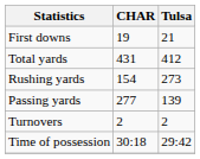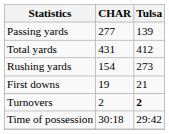 <table class="wikitable" style="float: left;">
 <tr>
 <th>Statistics</th>
 <th>CHAR</th>
 <th>Tulsa</th>
 </tr>
 <tr>
-<td>First downs</td>
-<td>19</td>
-<td>21</td>
+<td>Passing yards</td>
+<td>277</td>
+<td>139</td>
 </tr>
 <tr>
 <td>Total yards</td>
 <td>431</td>
 <td>412</td>
 </tr>
 <tr>
 <td>Rushing yards</td>
 <td>154</td>
 <td>273</td>
 </tr>
 <tr>
-<td>Passing yards</td>
-<td>277</td>
-<td>139</td>
+<td>First downs</td>
+<td>19</td>
+<td>21</td>
 </tr>
 <tr>
 <td>Turnovers</td>
 <td>2</td>
-<td>2</td>
+<td><strong>2</strong></td>
 </tr>
 <tr>
 <td>Time of possession</td>
 <td>30:18</td>
 <td>29:42</td>
 </tr>
 <tr>
 </tr>
 </table>
